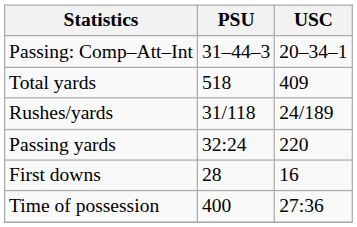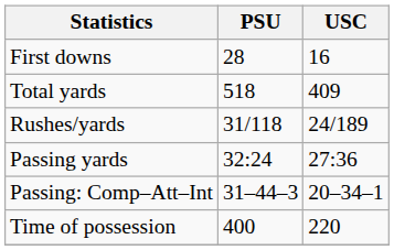 <table class="wikitable" style="float: left;">
 <tr>
 <th>Statistics</th>
 <th>PSU</th>
 <th>USC</th>
 </tr>
 <tr>
-<td>Passing: Comp–Att–Int</td>
-<td>31–44–3</td>
-<td>20–34–1</td>
+<td>First downs</td>
+<td>28</td>
+<td>16</td>
 </tr>
 <tr>
 <td>Total yards</td>
 <td>518</td>
 <td>409</td>
 </tr>
 <tr>
 <td>Rushes/yards</td>
 <td>31/118</td>
 <td>24/189</td>
 </tr>
 <tr>
 <td>Passing yards</td>
 <td>32:24</td>
-<td>220</td>
+<td>27:36</td>
 </tr>
 <tr>
-<td>First downs</td>
-<td>28</td>
-<td>16</td>
+<td>Passing: Comp–Att–Int</td>
+<td>31–44–3</td>
+<td>20–34–1</td>
 </tr>
 <tr>
 <td>Time of possession</td>
 <td>400</td>
-<td>27:36</td>
+<td>220</td>
 </tr>
 <tr>
 </tr>
 </table>
